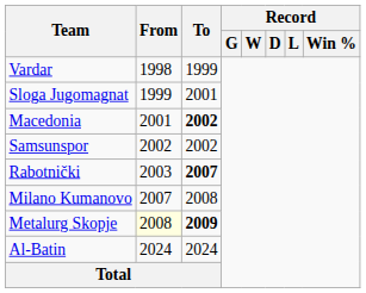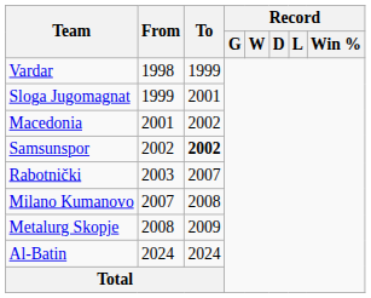 <table class="wikitable" tyle="text-align: center">
 <tr>
 <th rowspan="2">Team</th>
 <th rowspan="2">From</th>
 <th rowspan="2">To</th>
 <th colspan="5">Record</th>
 </tr>
 <tr>
 <th>G</th>
 <th>W</th>
 <th>D</th>
 <th>L</th>
 <th>Win %</th>
 </tr>
 <tr>
 <td align="left"><a href='#'>Vardar</a></td>
 <td align="left">1998</td>
 <td align="left">1999<br></td>
 </tr>
 <tr>
 <td align="left"><a href='#'>Sloga Jugomagnat</a></td>
 <td align="left">1999</td>
 <td align="left">2001<br></td>
 </tr>
 <tr>
 <td align=left><a href='#'>Macedonia</a></td>
 <td align=left>2001</td>
-<td align=left><strong>2002<br></strong></td>
+<td align=left>2002<br></td>
 </tr>
 <tr>
 <td align=left><a href='#'>Samsunspor</a></td>
 <td align=left>2002</td>
-<td align=left>2002<br></td>
+<td align=left><strong>2002<br></strong></td>
 </tr>
 <tr>
 <td align=left><a href='#'>Rabotnički</a></td>
 <td align=left>2003</td>
-<td align=left><strong>2007<br></strong></td>
+<td align=left>2007<br></td>
 </tr>
 <tr>
 <td align=left><a href='#'>Milano Kumanovo</a></td>
 <td align=left>2007</td>
 <td align=left>2008<br></td>
 </tr>
 <tr>
 <td align=left><a href='#'>Metalurg Skopje</a></td>
-<td align=left style="background: lightyellow;">2008</td>
-<td align=left><strong>2009<br></strong></td>
+<td align=left>2008</td>
+<td align=left>2009<br></td>
 </tr>
 <tr>
 <td align=left><a href='#'>Al-Batin</a></td>
 <td align=left>2024</td>
 <td align=left>2024<br></td>
 </tr>
 <tr>
 <th colspan="3">Total<br></th>
 </tr>
 </table>
